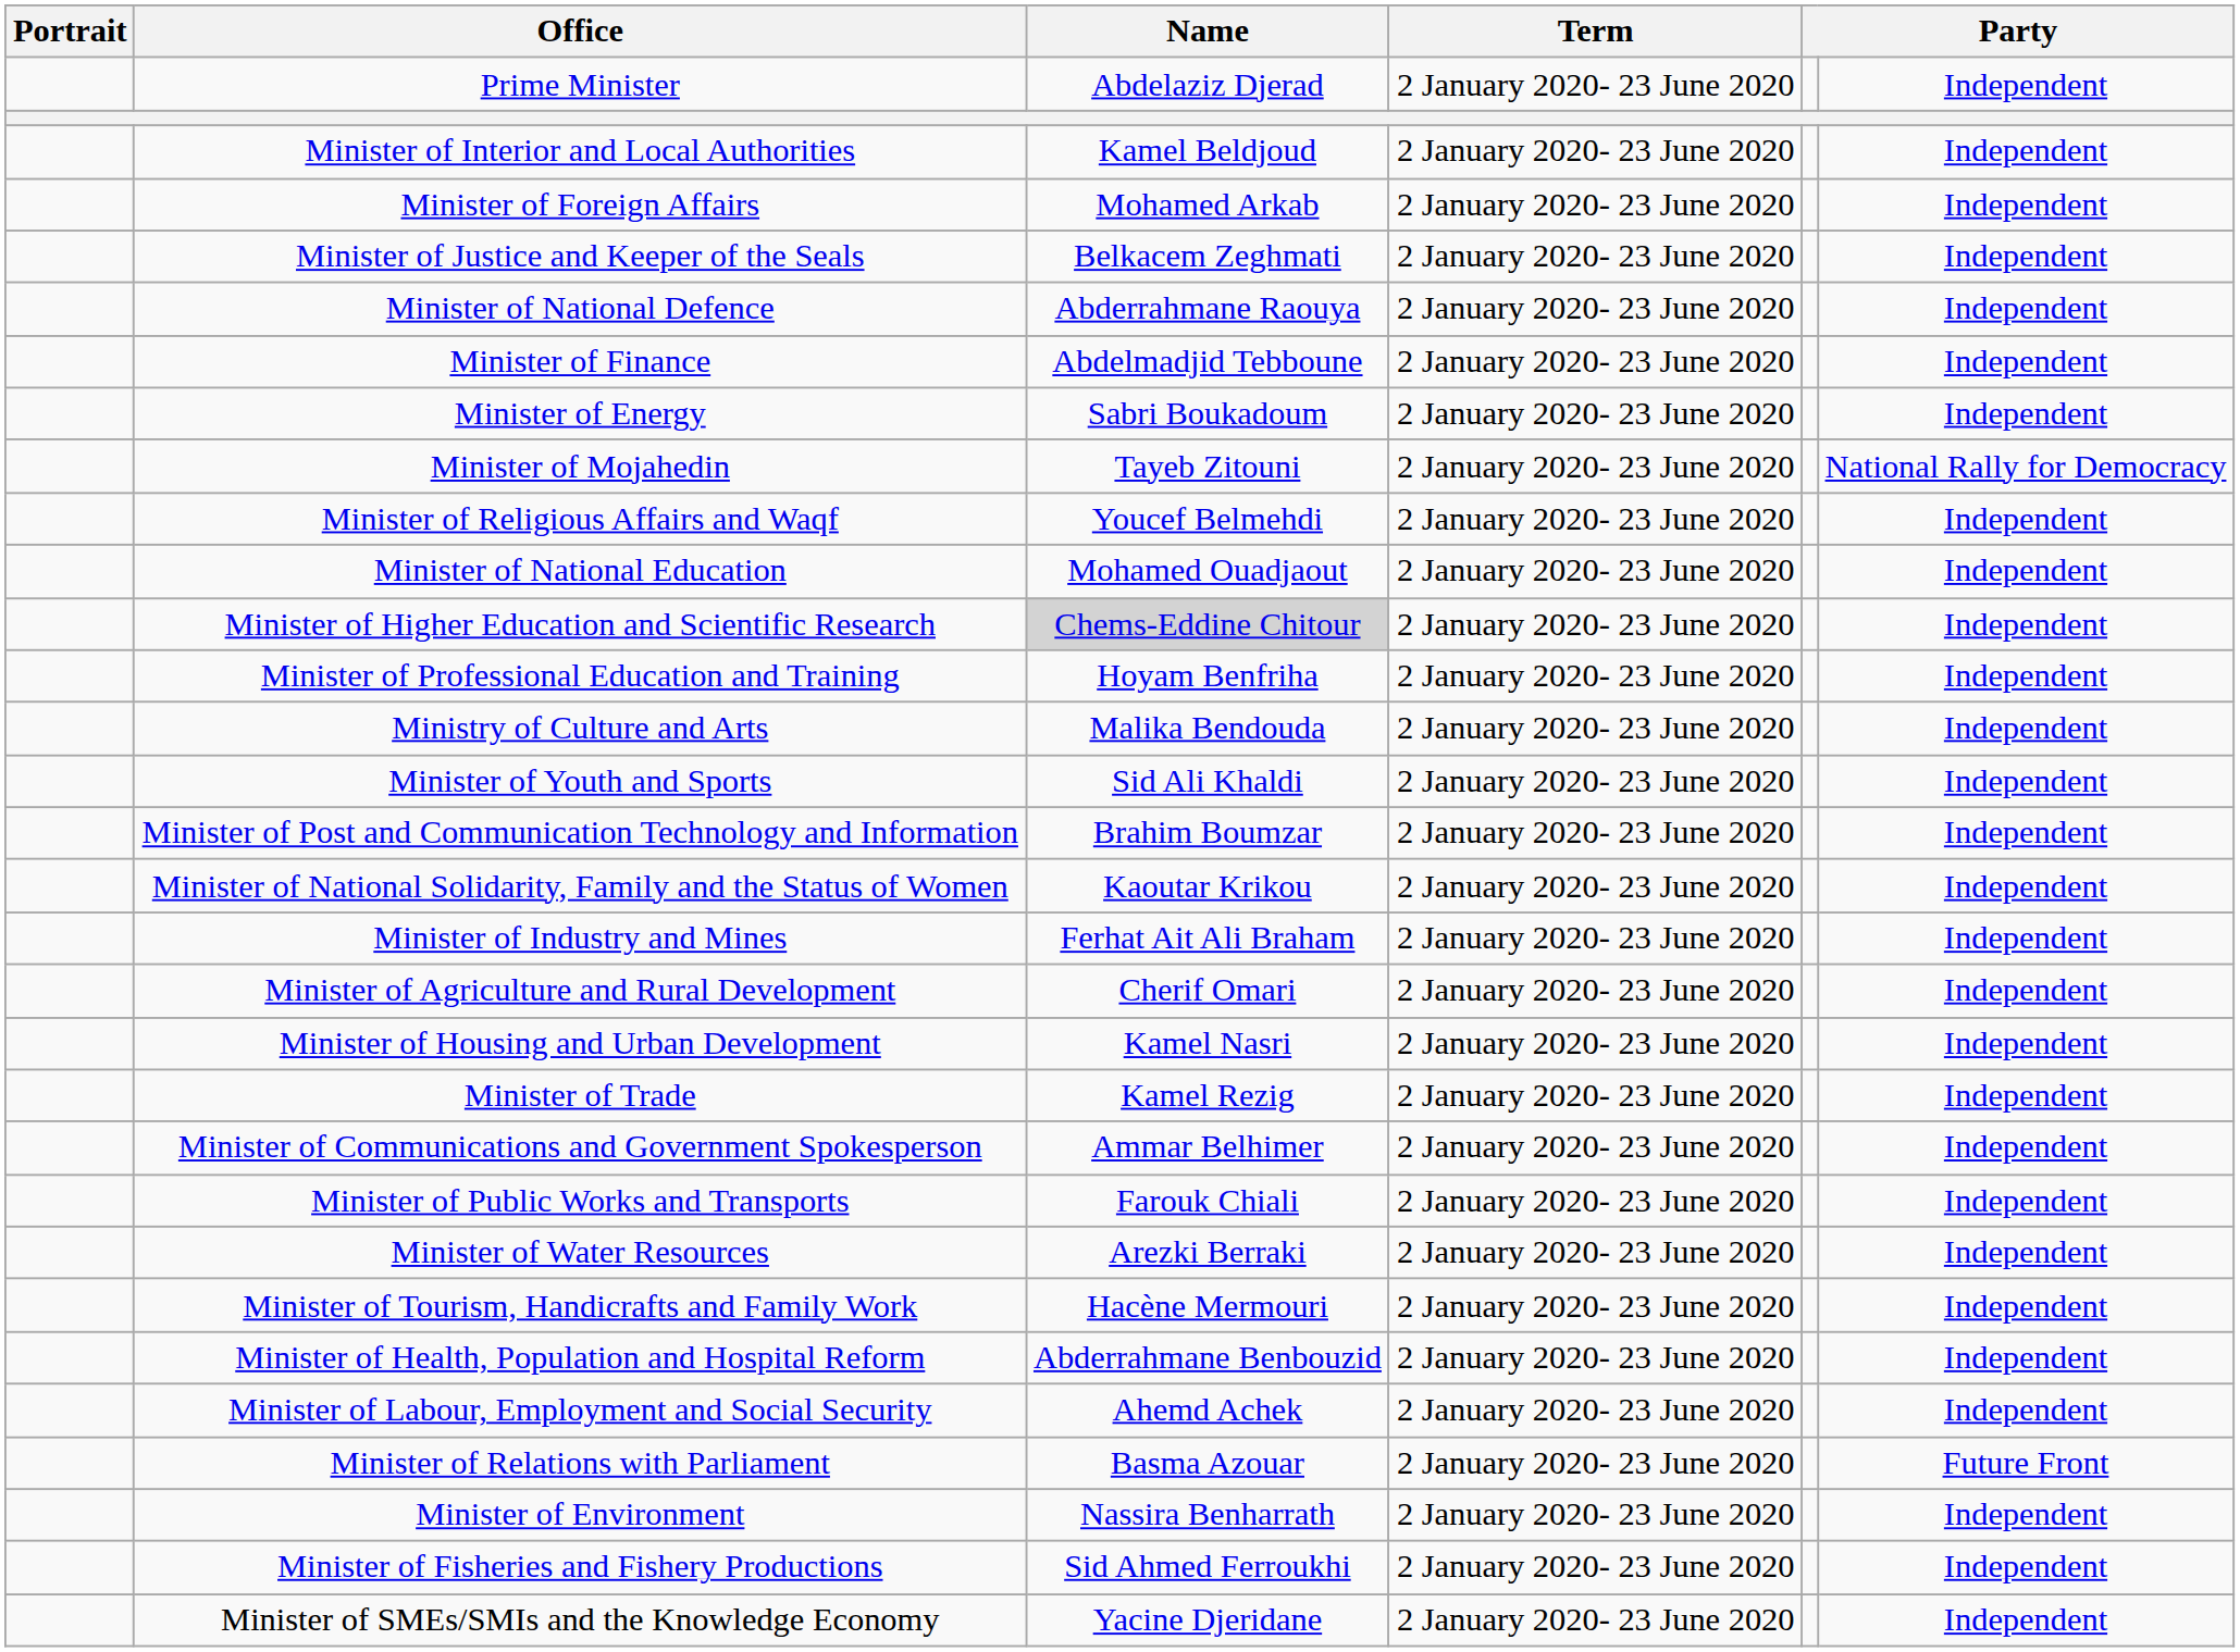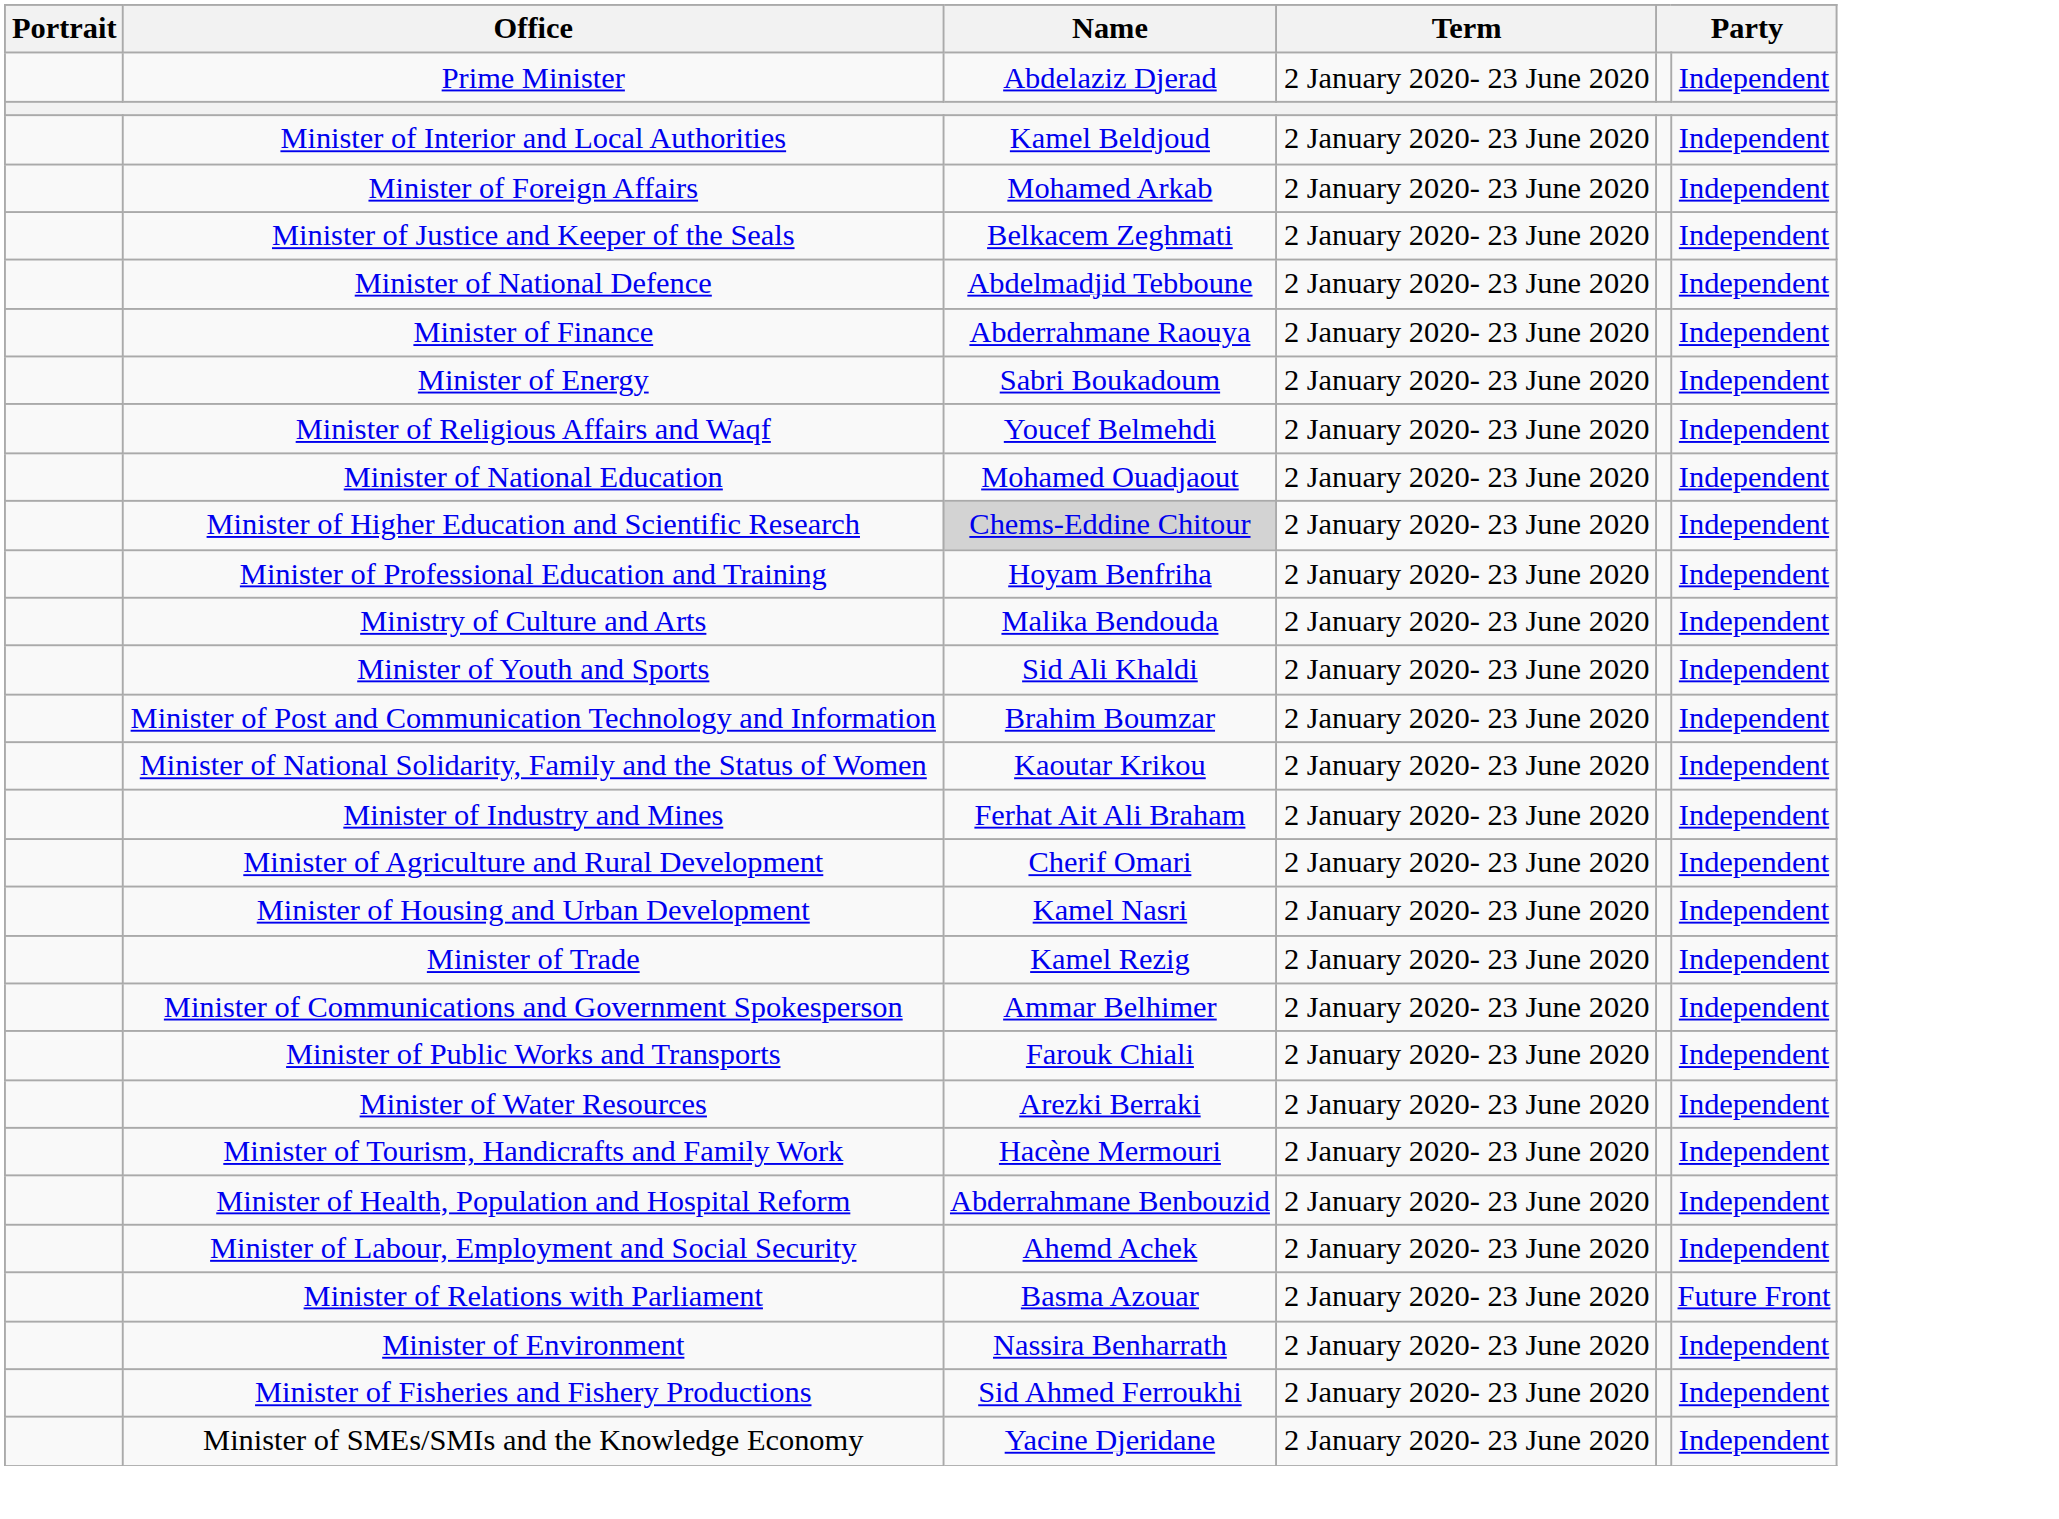 <table class="wikitable" style="text-align:center">
 <tr>
 <th>Portrait</th>
 <th>Office</th>
 <th>Name</th>
 <th>Term</th>
 <th colspan="2">Party</th>
 </tr>
 <tr>
 <td></td>
 <td><a href='#'>Prime Minister</a></td>
 <td><a href='#'>Abdelaziz Djerad</a></td>
 <td>2 January 2020- 23 June 2020</td>
 <td></td>
 <td><a href='#'>Independent</a></td>
 </tr>
 <tr>
 <th colspan="6"></th>
 </tr>
 <tr>
 <td></td>
 <td><a href='#'>Minister of Interior and Local Authorities</a></td>
 <td><a href='#'>Kamel Beldjoud</a></td>
 <td>2 January 2020- 23 June 2020</td>
 <td></td>
 <td><a href='#'>Independent</a></td>
 </tr>
 <tr>
 <td></td>
 <td><a href='#'>Minister of Foreign Affairs</a></td>
 <td><a href='#'>Mohamed Arkab</a></td>
 <td>2 January 2020- 23 June 2020</td>
 <td></td>
 <td><a href='#'>Independent</a></td>
 </tr>
 <tr>
 <td></td>
 <td><a href='#'>Minister of Justice and Keeper of the Seals</a></td>
 <td><a href='#'>Belkacem Zeghmati</a></td>
 <td>2 January 2020- 23 June 2020</td>
 <td></td>
 <td><a href='#'>Independent</a></td>
 </tr>
 <tr>
 <td></td>
 <td><a href='#'>Minister of National Defence</a></td>
-<td><a href='#'>Abderrahmane Raouya</a></td>
+<td><a href='#'>Abdelmadjid Tebboune</a></td>
 <td>2 January 2020- 23 June 2020</td>
 <td></td>
 <td><a href='#'>Independent</a></td>
 </tr>
 <tr>
 <td></td>
 <td><a href='#'>Minister of Finance</a></td>
-<td><a href='#'>Abdelmadjid Tebboune</a></td>
+<td><a href='#'>Abderrahmane Raouya</a></td>
 <td>2 January 2020- 23 June 2020</td>
 <td></td>
 <td><a href='#'>Independent</a></td>
 </tr>
 <tr>
 <td></td>
 <td><a href='#'>Minister of Energy</a></td>
 <td><a href='#'>Sabri Boukadoum</a></td>
 <td>2 January 2020- 23 June 2020</td>
 <td></td>
 <td><a href='#'>Independent</a></td>
-</tr>
-<tr>
-<td></td>
-<td><a href='#'>Minister of Mojahedin</a></td>
-<td><a href='#'>Tayeb Zitouni</a></td>
-<td>2 January 2020- 23 June 2020</td>
-<td></td>
-<td><a href='#'>National Rally for Democracy</a></td>
 </tr>
 <tr>
 <td></td>
 <td><a href='#'>Minister of Religious Affairs and Waqf</a></td>
 <td><a href='#'>Youcef Belmehdi</a></td>
 <td>2 January 2020- 23 June 2020</td>
 <td></td>
 <td><a href='#'>Independent</a></td>
 </tr>
 <tr>
 <td></td>
 <td><a href='#'>Minister of National Education</a></td>
 <td><a href='#'>Mohamed Ouadjaout</a></td>
 <td>2 January 2020- 23 June 2020</td>
 <td></td>
 <td><a href='#'>Independent</a></td>
 </tr>
 <tr>
 <td></td>
 <td><a href='#'>Minister of Higher Education and Scientific Research</a></td>
 <td style="background: lightgrey;"><a href='#'>Chems-Eddine Chitour</a></td>
 <td>2 January 2020- 23 June 2020</td>
 <td></td>
 <td><a href='#'>Independent</a></td>
 </tr>
 <tr>
 <td></td>
 <td><a href='#'>Minister of Professional Education and Training</a></td>
 <td><a href='#'>Hoyam Benfriha</a></td>
 <td>2 January 2020- 23 June 2020</td>
 <td></td>
 <td><a href='#'>Independent</a></td>
 </tr>
 <tr>
 <td></td>
 <td><a href='#'>Ministry of Culture and Arts</a></td>
 <td><a href='#'>Malika Bendouda</a></td>
 <td>2 January 2020- 23 June 2020</td>
 <td></td>
 <td><a href='#'>Independent</a></td>
 </tr>
 <tr>
 <td></td>
 <td><a href='#'>Minister of Youth and Sports</a></td>
 <td><a href='#'>Sid Ali Khaldi</a></td>
 <td>2 January 2020- 23 June 2020</td>
 <td></td>
 <td><a href='#'>Independent</a></td>
 </tr>
 <tr>
 <td></td>
 <td><a href='#'>Minister of Post and Communication Technology and Information</a></td>
 <td><a href='#'>Brahim Boumzar</a></td>
 <td>2 January 2020- 23 June 2020</td>
 <td></td>
 <td><a href='#'>Independent</a></td>
 </tr>
 <tr>
 <td></td>
 <td><a href='#'>Minister of National Solidarity, Family and the Status of Women</a></td>
 <td><a href='#'>Kaoutar Krikou</a></td>
 <td>2 January 2020- 23 June 2020</td>
 <td></td>
 <td><a href='#'>Independent</a></td>
 </tr>
 <tr>
 <td></td>
 <td><a href='#'>Minister of Industry and Mines</a></td>
 <td><a href='#'>Ferhat Ait Ali Braham</a></td>
 <td>2 January 2020- 23 June 2020</td>
 <td></td>
 <td><a href='#'>Independent</a></td>
 </tr>
 <tr>
 <td></td>
 <td><a href='#'>Minister of Agriculture and Rural Development</a></td>
 <td><a href='#'>Cherif Omari</a></td>
 <td>2 January 2020- 23 June 2020</td>
 <td></td>
 <td><a href='#'>Independent</a></td>
 </tr>
 <tr>
 <td></td>
 <td><a href='#'>Minister of Housing and Urban Development</a></td>
 <td><a href='#'>Kamel Nasri</a></td>
 <td>2 January 2020- 23 June 2020</td>
 <td></td>
 <td><a href='#'>Independent</a></td>
 </tr>
 <tr>
 <td></td>
 <td><a href='#'>Minister of Trade</a></td>
 <td><a href='#'>Kamel Rezig</a></td>
 <td>2 January 2020- 23 June 2020</td>
 <td></td>
 <td><a href='#'>Independent</a></td>
 </tr>
 <tr>
 <td></td>
 <td><a href='#'>Minister of Communications and Government Spokesperson</a></td>
 <td><a href='#'>Ammar Belhimer</a></td>
 <td>2 January 2020- 23 June 2020</td>
 <td></td>
 <td><a href='#'>Independent</a></td>
 </tr>
 <tr>
 <td></td>
 <td><a href='#'>Minister of Public Works and Transports</a></td>
 <td><a href='#'>Farouk Chiali</a></td>
 <td>2 January 2020- 23 June 2020</td>
 <td></td>
 <td><a href='#'>Independent</a></td>
 </tr>
 <tr>
 <td></td>
 <td><a href='#'>Minister of Water Resources</a></td>
 <td><a href='#'>Arezki Berraki</a></td>
 <td>2 January 2020- 23 June 2020</td>
 <td></td>
 <td><a href='#'>Independent</a></td>
 </tr>
 <tr>
 <td></td>
 <td><a href='#'>Minister of Tourism, Handicrafts and Family Work</a></td>
 <td><a href='#'>Hacène Mermouri</a></td>
 <td>2 January 2020- 23 June 2020</td>
 <td></td>
 <td><a href='#'>Independent</a></td>
 </tr>
 <tr>
 <td></td>
 <td><a href='#'>Minister of Health, Population and Hospital Reform</a></td>
 <td><a href='#'>Abderrahmane Benbouzid</a></td>
 <td>2 January 2020- 23 June 2020</td>
 <td></td>
 <td><a href='#'>Independent</a></td>
 </tr>
 <tr>
 <td></td>
 <td><a href='#'>Minister of Labour, Employment and Social Security</a></td>
 <td><a href='#'>Ahemd Achek</a></td>
 <td>2 January 2020- 23 June 2020</td>
 <td></td>
 <td><a href='#'>Independent</a></td>
 </tr>
 <tr>
 <td></td>
 <td><a href='#'>Minister of Relations with Parliament</a></td>
 <td><a href='#'>Basma Azouar</a></td>
 <td>2 January 2020- 23 June 2020</td>
 <td></td>
 <td><a href='#'>Future Front</a></td>
 </tr>
 <tr>
 <td></td>
 <td><a href='#'>Minister of Environment</a></td>
 <td><a href='#'>Nassira Benharrath</a></td>
 <td>2 January 2020- 23 June 2020</td>
 <td></td>
 <td><a href='#'>Independent</a></td>
 </tr>
 <tr>
 <td></td>
 <td><a href='#'>Minister of Fisheries and Fishery Productions</a></td>
 <td><a href='#'>Sid Ahmed Ferroukhi</a></td>
 <td>2 January 2020- 23 June 2020</td>
 <td></td>
 <td><a href='#'>Independent</a></td>
 </tr>
 <tr>
 <td></td>
 <td>Minister of SMEs/SMIs and the Knowledge Economy</td>
 <td><a href='#'>Yacine Djeridane</a></td>
 <td>2 January 2020- 23 June 2020</td>
 <td></td>
 <td><a href='#'>Independent</a></td>
 </tr>
 </table>
